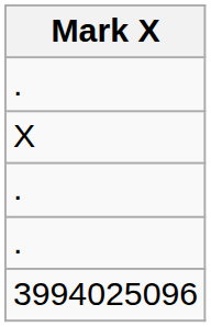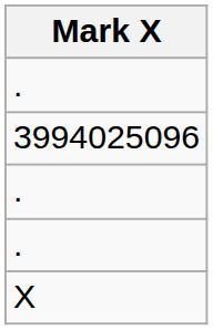 <table class="wikitable">
 <tr>
 <th>Mark X</th>
 </tr>
 <tr>
 <td>.</td>
 </tr>
 <tr>
-<td>X</td>
+<td>3994025096</td>
 </tr>
 <tr>
 <td>.</td>
 </tr>
 <tr>
 <td>.</td>
 </tr>
 <tr>
-<td>3994025096</td>
+<td>X</td>
 </tr>
 </table>
